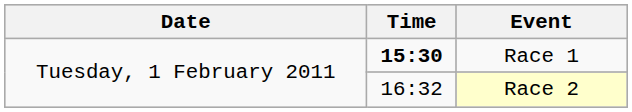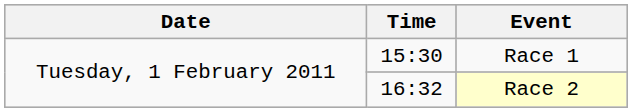 <table class = "wikitable" style="text-align:center;">
 <tr>
 <th width=220>Date</th>
 <th width=50>Time</th>
 <th width=100>Event</th>
 </tr>
 <tr>
 <td rowspan=2>Tuesday, 1 February 2011</td>
-<td><strong>15:30</strong></td>
+<td>15:30</td>
 <td>Race 1</td>
 </tr>
 <tr>
 <td>16:32</td>
 <td bgcolor=ffffcc>Race 2</td>
 </tr>
 </table>
